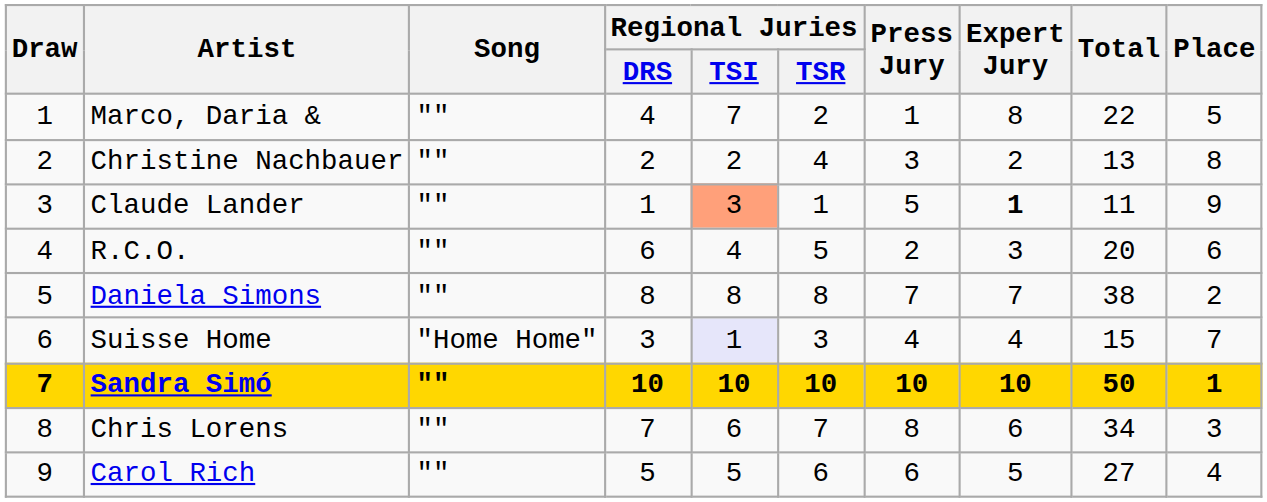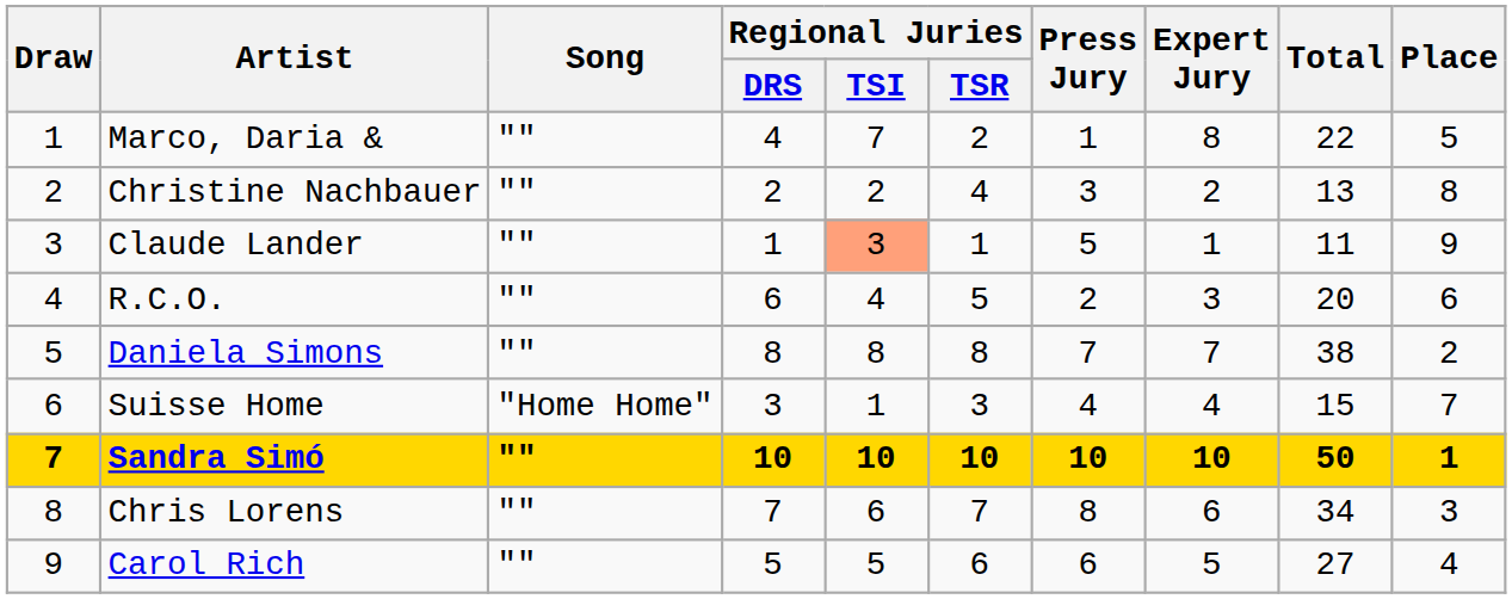 <table class="sortable wikitable" style="margin: 1em auto 1em auto; text-align:center">
 <tr>
 <th rowspan="2">Draw</th>
 <th rowspan="2">Artist</th>
 <th rowspan="2">Song</th>
 <th colspan="3">Regional Juries</th>
 <th rowspan="2">Press<br>Jury</th>
 <th rowspan="2">Expert<br>Jury</th>
 <th rowspan="2">Total</th>
 <th rowspan="2">Place</th>
 </tr>
 <tr>
 <th><a href='#'>DRS</a></th>
 <th><a href='#'>TSI</a></th>
 <th><a href='#'>TSR</a></th>
 </tr>
 <tr>
 <td>1</td>
 <td align="left">Marco, Daria & </td>
 <td align="left">""</td>
 <td>4</td>
 <td>7</td>
 <td>2</td>
 <td>1</td>
 <td>8</td>
 <td>22</td>
 <td>5</td>
 </tr>
 <tr>
 <td>2</td>
 <td align="left">Christine Nachbauer</td>
 <td align="left">""</td>
 <td>2</td>
 <td>2</td>
 <td>4</td>
 <td>3</td>
 <td>2</td>
 <td>13</td>
 <td>8</td>
 </tr>
 <tr>
 <td>3</td>
 <td align="left">Claude Lander</td>
 <td align="left">""</td>
 <td>1</td>
 <td style="background: lightsalmon;">3</td>
 <td>1</td>
 <td>5</td>
-<td><strong>1</strong></td>
+<td>1</td>
 <td>11</td>
 <td>9</td>
 </tr>
 <tr>
 <td>4</td>
 <td align="left">R.C.O.</td>
 <td align="left">""</td>
 <td>6</td>
 <td>4</td>
 <td>5</td>
 <td>2</td>
 <td>3</td>
 <td>20</td>
 <td>6</td>
 </tr>
 <tr>
 <td>5</td>
 <td align="left"><a href='#'>Daniela Simons</a></td>
 <td align="left">""</td>
 <td>8</td>
 <td>8</td>
 <td>8</td>
 <td>7</td>
 <td>7</td>
 <td>38</td>
 <td>2</td>
 </tr>
 <tr>
 <td>6</td>
 <td align="left">Suisse Home</td>
 <td align="left">"Home  Home"</td>
 <td>3</td>
-<td style="background: lavender;">1</td>
+<td>1</td>
 <td>3</td>
 <td>4</td>
 <td>4</td>
 <td>15</td>
 <td>7</td>
 </tr>
 <tr style="font-weight:bold; background:gold;">
 <td>7</td>
 <td align="left"><a href='#'>Sandra Simó</a></td>
 <td align="left">""</td>
 <td>10</td>
 <td>10</td>
 <td>10</td>
 <td>10</td>
 <td>10</td>
 <td>50</td>
 <td>1</td>
 </tr>
 <tr>
 <td>8</td>
 <td align="left">Chris Lorens</td>
 <td align="left">""</td>
 <td>7</td>
 <td>6</td>
 <td>7</td>
 <td>8</td>
 <td>6</td>
 <td>34</td>
 <td>3</td>
 </tr>
 <tr>
 <td>9</td>
 <td align="left"><a href='#'>Carol Rich</a></td>
 <td align="left">""</td>
 <td>5</td>
 <td>5</td>
 <td>6</td>
 <td>6</td>
 <td>5</td>
 <td>27</td>
 <td>4</td>
 </tr>
 </table>
